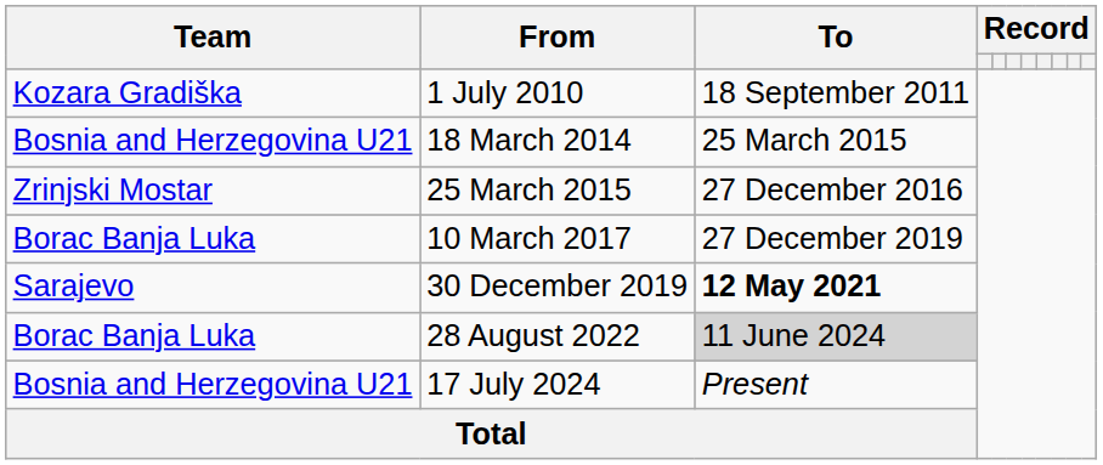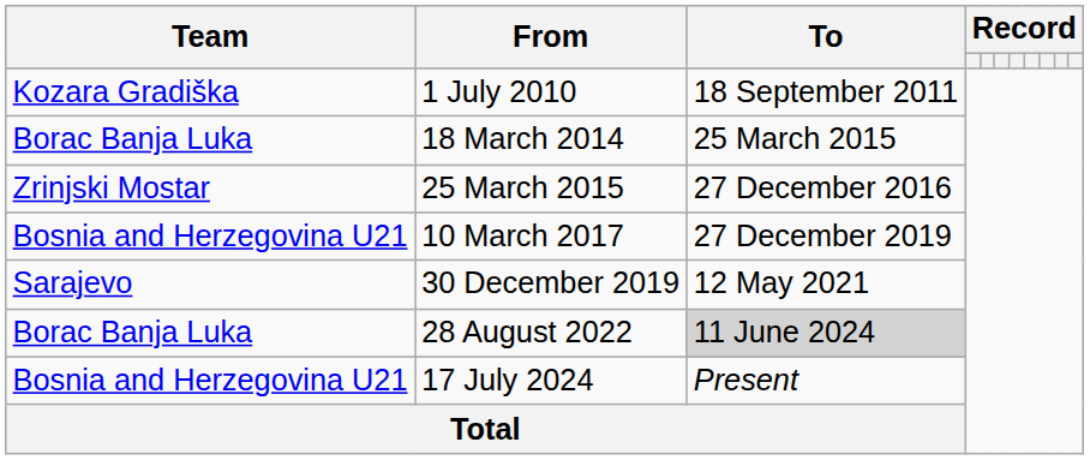 <table class="wikitable" tyle="text-align: center">
 <tr>
 <th rowspan=2>Team</th>
 <th rowspan=2>From</th>
 <th rowspan=2>To</th>
 <th colspan=8>Record</th>
 </tr>
 <tr>
 <th></th>
 <th></th>
 <th></th>
 <th></th>
 <th></th>
 <th></th>
 <th></th>
 <th></th>
 </tr>
 <tr>
 <td align=left><a href='#'>Kozara Gradiška</a></td>
 <td align=left>1 July 2010</td>
 <td align=left>18 September 2011<br></td>
 </tr>
 <tr>
-<td align=left><a href='#'>Bosnia and Herzegovina U21</a></td>
+<td align=left><a href='#'>Borac Banja Luka</a></td>
 <td align=left>18 March 2014</td>
 <td align=left>25 March 2015<br></td>
 </tr>
 <tr>
 <td align=left><a href='#'>Zrinjski Mostar</a></td>
 <td align=left>25 March 2015</td>
 <td align=left>27 December 2016<br></td>
 </tr>
 <tr>
-<td align=left><a href='#'>Borac Banja Luka</a></td>
+<td align=left><a href='#'>Bosnia and Herzegovina U21</a></td>
 <td align=left>10 March 2017</td>
 <td align=left>27 December 2019<br></td>
 </tr>
 <tr>
 <td align=left><a href='#'>Sarajevo</a></td>
 <td align=left>30 December 2019</td>
-<td align=left><strong>12 May 2021<br></strong></td>
+<td align=left>12 May 2021<br></td>
 </tr>
 <tr>
 <td align=left><a href='#'>Borac Banja Luka</a></td>
 <td align=left>28 August 2022</td>
 <td align=left style="background: lightgrey;">11 June 2024<br></td>
 </tr>
 <tr>
 <td align=left><a href='#'>Bosnia and Herzegovina U21</a></td>
 <td align=left>17 July 2024</td>
 <td align=left><em>Present</em><br></td>
 </tr>
 <tr>
 <th colspan=3>Total<br></th>
 </tr>
 </table>
